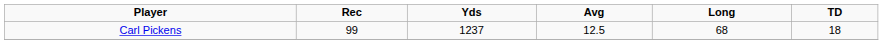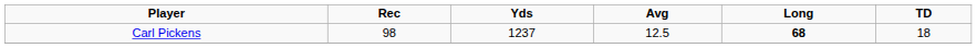 <table class="wikitable" width="80%">
 <tr align="center">
 <td><strong>Player</strong></td>
 <td><strong>Rec</strong></td>
 <td><strong>Yds</strong></td>
 <td><strong>Avg</strong></td>
 <td><strong>Long</strong></td>
 <td><strong>TD</strong></td>
 </tr>
 <tr align="center" bgcolor="">
 <td><a href='#'>Carl Pickens</a></td>
-<td>99</td>
+<td>98</td>
 <td>1237</td>
 <td>12.5</td>
-<td>68</td>
+<td><strong>68</strong></td>
 <td>18</td>
 </tr>
 <tr align="center" bgcolor="">
 </tr>
 </table>
